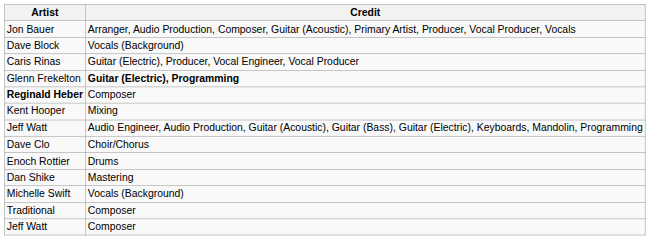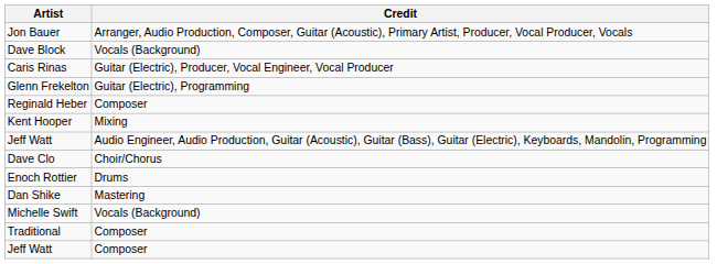 <table class="wikitable">
 <tr>
 <th>Artist</th>
 <th>Credit</th>
 </tr>
 <tr>
 <td>Jon Bauer</td>
 <td>Arranger, Audio Production, Composer, Guitar (Acoustic), Primary Artist, Producer, Vocal Producer, Vocals</td>
 </tr>
 <tr>
 <td>Dave Block</td>
 <td>Vocals (Background)</td>
 </tr>
 <tr>
 <td>Caris Rinas</td>
 <td>Guitar (Electric), Producer, Vocal Engineer, Vocal Producer</td>
 </tr>
 <tr>
 <td>Glenn Frekelton</td>
-<td><strong>Guitar (Electric), Programming</strong></td>
+<td>Guitar (Electric), Programming</td>
 </tr>
 <tr>
-<td><strong>Reginald Heber</strong></td>
+<td>Reginald Heber</td>
 <td>Composer</td>
 </tr>
 <tr>
 <td>Kent Hooper</td>
 <td>Mixing</td>
 </tr>
 <tr>
 <td>Jeff Watt</td>
 <td>Audio Engineer, Audio Production, Guitar (Acoustic), Guitar (Bass), Guitar (Electric), Keyboards, Mandolin, Programming</td>
 </tr>
 <tr>
 <td>Dave Clo</td>
 <td>Choir/Chorus</td>
 </tr>
 <tr>
 <td>Enoch Rottier</td>
 <td>Drums</td>
 </tr>
 <tr>
 <td>Dan Shike</td>
 <td>Mastering</td>
 </tr>
 <tr>
 <td>Michelle Swift</td>
 <td>Vocals (Background)</td>
 </tr>
 <tr>
 <td>Traditional</td>
 <td>Composer</td>
 </tr>
 <tr>
 <td>Jeff Watt</td>
 <td>Composer</td>
 </tr>
 </table>
